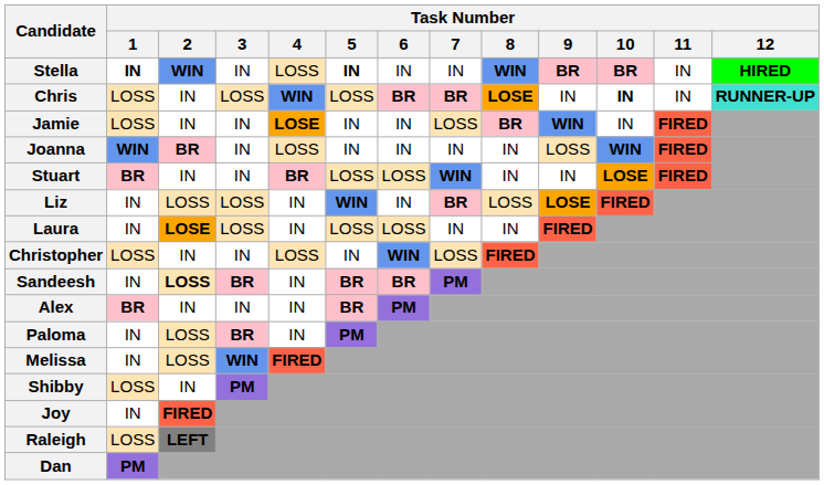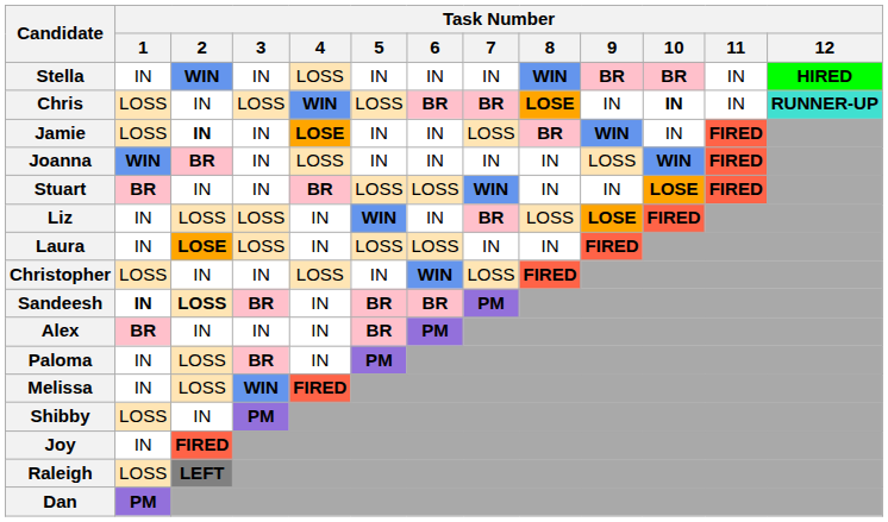 <table class="wikitable" style="text-align:center">
 <tr>
 <th rowspan="2">Candidate</th>
 <th colspan="13">Task Number</th>
 </tr>
 <tr>
 <th>1</th>
 <th>2</th>
 <th>3</th>
 <th>4</th>
 <th>5</th>
 <th>6</th>
 <th>7</th>
 <th>8</th>
 <th>9</th>
 <th>10</th>
 <th>11</th>
 <th>12</th>
 </tr>
 <tr>
 <th>Stella</th>
-<td style="background:white;"><strong>IN</strong></td>
+<td style="background:white;">IN</td>
 <td style="background:cornflowerblue;"><strong>WIN</strong></td>
 <td style="background:white;">IN</td>
 <td style="background:#FFE5B4;">LOSS</td>
-<td style="background:white;"><strong>IN</strong></td>
+<td style="background:white;">IN</td>
 <td style="background:white;">IN</td>
 <td style="background:white;">IN</td>
 <td style="background:cornflowerblue;"><strong>WIN</strong></td>
 <td style="background:pink;"><strong>BR</strong></td>
 <td style="background:pink;"><strong>BR</strong></td>
 <td style="background:white;">IN</td>
 <td style="background:lime;"><strong>HIRED</strong></td>
 </tr>
 <tr>
 <th>Chris</th>
 <td style="background:#FFE5B4;">LOSS</td>
 <td style="background:white;">IN</td>
 <td style="background:#FFE5B4;">LOSS</td>
 <td style="background:cornflowerblue;"><strong>WIN</strong></td>
 <td style="background:#FFE5B4;">LOSS</td>
 <td style="background:pink;"><strong>BR</strong></td>
 <td style="background:pink;"><strong>BR</strong></td>
 <td style="background:orange;"><strong>LOSE</strong></td>
 <td style="background:white;">IN</td>
 <td style="background:white;"><strong>IN</strong></td>
 <td style="background:white;">IN</td>
 <td style="background:turquoise;"><strong>RUNNER-UP</strong></td>
 </tr>
 <tr>
 <th>Jamie</th>
 <td style="background:#FFE5B4;">LOSS</td>
-<td style="background:white;">IN</td>
+<td style="background:white;"><strong>IN</strong></td>
 <td style="background:white;">IN</td>
 <td style="background:orange;"><strong>LOSE</strong></td>
 <td style="background:white;">IN</td>
 <td style="background:white;">IN</td>
 <td style="background:#FFE5B4;">LOSS</td>
 <td style="background:pink;"><strong>BR</strong></td>
 <td style="background:cornflowerblue;"><strong>WIN</strong></td>
 <td style="background:white;">IN</td>
 <td style="background:tomato;"><strong>FIRED</strong></td>
 <td colspan="1" style="background:darkgrey;"></td>
 </tr>
 <tr>
 <th>Joanna</th>
 <td style="background:cornflowerblue;"><strong>WIN</strong></td>
 <td style="background:pink;"><strong>BR</strong></td>
 <td style="background:white;">IN</td>
 <td style="background:#FFE5B4;">LOSS</td>
 <td style="background:white;">IN</td>
 <td style="background:white;">IN</td>
 <td style="background:white;">IN</td>
 <td style="background:white;">IN</td>
 <td style="background:#FFE5B4;">LOSS</td>
 <td style="background:cornflowerblue;"><strong>WIN</strong></td>
 <td style="background:tomato;"><strong>FIRED</strong></td>
 <td colspan="1" style="background:darkgrey;"></td>
 </tr>
 <tr>
 <th>Stuart</th>
 <td style="background:pink;"><strong>BR</strong></td>
 <td style="background:white;">IN</td>
 <td style="background:white;">IN</td>
 <td style="background:pink;"><strong>BR</strong></td>
 <td style="background:#FFE5B4;">LOSS</td>
 <td style="background:#FFE5B4;">LOSS</td>
 <td style="background:cornflowerblue;"><strong>WIN</strong></td>
 <td style="background:white;">IN</td>
 <td style="background:white;">IN</td>
 <td style="background:orange;"><strong>LOSE</strong></td>
 <td style="background:tomato;"><strong>FIRED</strong></td>
 <td colspan="1" style="background:darkgrey;"></td>
 </tr>
 <tr>
 <th>Liz</th>
 <td style="background:white;">IN</td>
 <td style="background:#FFE5B4;">LOSS</td>
 <td style="background:#FFE5B4;">LOSS</td>
 <td style="background:white;">IN</td>
 <td style="background:cornflowerblue;"><strong>WIN</strong></td>
 <td style="background:white;">IN</td>
 <td style="background:pink;"><strong>BR</strong></td>
 <td style="background:#FFE5B4;">LOSS</td>
 <td style="background:orange;"><strong>LOSE</strong></td>
 <td style="background:tomato;"><strong>FIRED</strong></td>
 <td colspan="2" style="background:darkgrey;"></td>
 </tr>
 <tr>
 <th>Laura</th>
 <td style="background:white;">IN</td>
 <td style="background:orange;"><strong>LOSE</strong></td>
 <td style="background:#FFE5B4;">LOSS</td>
 <td style="background:white;">IN</td>
 <td style="background:#FFE5B4;">LOSS</td>
 <td style="background:#FFE5B4;">LOSS</td>
 <td style="background:white;">IN</td>
 <td style="background:white;">IN</td>
 <td style="background:tomato;"><strong>FIRED</strong></td>
 <td colspan="3" style="background:darkgrey;"></td>
 </tr>
 <tr>
 <th>Christopher</th>
 <td style="background:#FFE5B4;">LOSS</td>
 <td style="background:white;">IN</td>
 <td style="background:white;">IN</td>
 <td style="background:#FFE5B4;">LOSS</td>
 <td style="background:white;">IN</td>
 <td style="background:cornflowerblue;"><strong>WIN</strong></td>
 <td style="background:#FFE5B4;">LOSS</td>
 <td style="background:tomato;"><strong>FIRED</strong></td>
 <td colspan="4" style="background:darkgrey;"></td>
 </tr>
 <tr>
 <th>Sandeesh</th>
-<td style="background:white;">IN</td>
+<td style="background:white;"><strong>IN</strong></td>
 <td style="background:#FFE5B4;"><strong>LOSS</strong></td>
 <td style="background:pink;"><strong>BR</strong></td>
 <td style="background:white;">IN</td>
 <td style="background:pink;"><strong>BR</strong></td>
 <td style="background:pink;"><strong>BR</strong></td>
 <td style="background:#9370DB;"><strong>PM</strong></td>
 <td colspan="5" style="background:darkgrey;"></td>
 </tr>
 <tr>
 <th>Alex</th>
 <td style="background:pink;"><strong>BR</strong></td>
 <td style="background:white;">IN</td>
 <td style="background:white;">IN</td>
 <td style="background:white;">IN</td>
 <td style="background:pink;"><strong>BR</strong></td>
 <td style="background:#9370DB;"><strong>PM</strong></td>
 <td colspan="6" style="background:darkgrey;"></td>
 </tr>
 <tr>
 <th>Paloma</th>
 <td style="background:white;">IN</td>
 <td style="background:#FFE5B4;">LOSS</td>
 <td style="background:pink;"><strong>BR</strong></td>
 <td style="background:white;">IN</td>
 <td style="background:#9370DB;"><strong>PM</strong></td>
 <td colspan="7" style="background:darkgrey;"></td>
 </tr>
 <tr>
 <th>Melissa</th>
 <td style="background:white;">IN</td>
 <td style="background:#FFE5B4;">LOSS</td>
 <td style="background:cornflowerblue;"><strong>WIN</strong></td>
 <td style="background:tomato;"><strong>FIRED</strong></td>
 <td colspan="8" style="background:darkgrey;"></td>
 </tr>
 <tr>
 <th>Shibby</th>
 <td style="background:#FFE5B4;">LOSS</td>
 <td style="background:white;">IN</td>
 <td style="background:#9370DB;"><strong>PM</strong></td>
 <td colspan="9" style="background:darkgrey;"></td>
 </tr>
 <tr>
 <th>Joy</th>
 <td style="background:white;">IN</td>
 <td style="background:tomato;"><strong>FIRED</strong></td>
 <td colspan="10" style="background:darkgrey;"></td>
 </tr>
 <tr>
 <th>Raleigh</th>
 <td style="background:#FFE5B4;">LOSS</td>
 <td style="background:grey;"><strong>LEFT</strong></td>
 <td colspan="10" style="background:darkgrey;"></td>
 </tr>
 <tr>
 <th>Dan</th>
 <td style="background:#9370DB;"><strong>PM</strong></td>
 <td colspan="11" style="background:darkgrey;"></td>
 </tr>
 </table>
